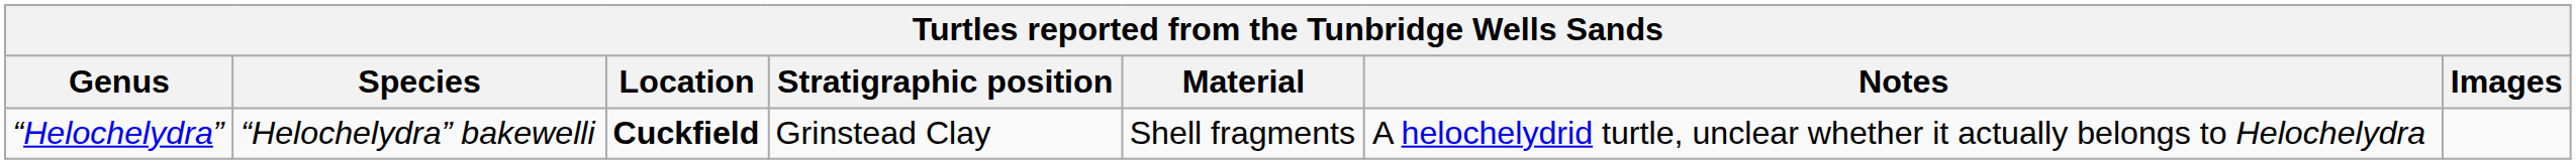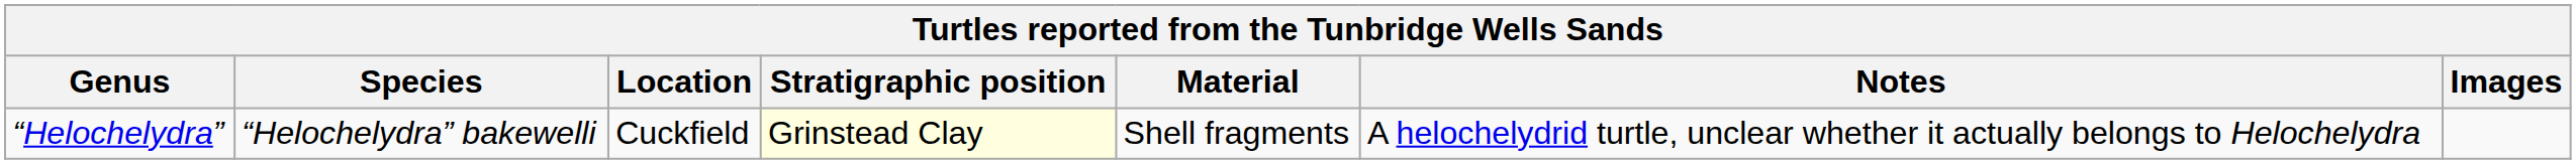 <table class="wikitable" width="100%" align="center">
 <tr>
 <th colspan="7" align="center"><strong>Turtles reported from the Tunbridge Wells Sands</strong></th>
 </tr>
 <tr>
 <th>Genus</th>
 <th>Species</th>
 <th>Location</th>
 <th>Stratigraphic position</th>
 <th>Material</th>
 <th>Notes</th>
 <th>Images</th>
 </tr>
 <tr>
 <td><em>“<a href='#'>Helochelydra</a>”</em></td>
 <td><em>“Helochelydra” bakewelli</em></td>
-<td><strong>Cuckfield</strong></td>
-<td>Grinstead Clay</td>
+<td>Cuckfield</td>
+<td style="background: lightyellow;">Grinstead Clay</td>
 <td>Shell fragments</td>
 <td>A <a href='#'>helochelydrid</a> turtle, unclear whether it actually belongs to <em>Helochelydra</em></td>
 <td></td>
 </tr>
 </table>
